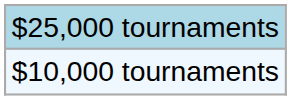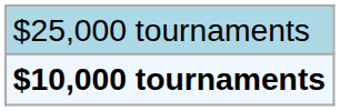 <table class="wikitable"  style="font-size:85%">
 <tr style="background:lightblue;">
 <td>$25,000 tournaments</td>
 </tr>
 <tr style="background:#f0f8ff;">
-<td>$10,000 tournaments</td>
+<td><strong>$10,000 tournaments</strong></td>
 </tr>
 </table>
